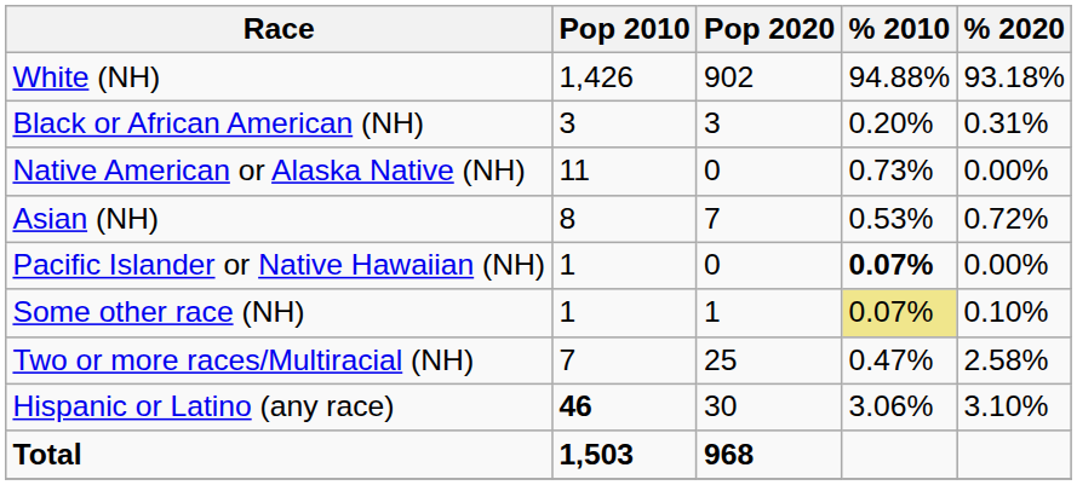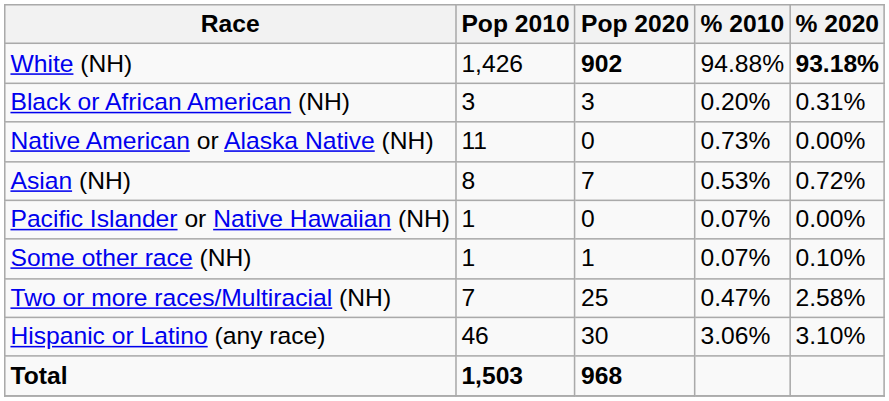 <table class="wikitable">
 <tr>
 <th>Race</th>
 <th>Pop 2010</th>
 <th>Pop 2020</th>
 <th>% 2010</th>
 <th>% 2020</th>
 </tr>
 <tr>
 <td><a href='#'>White</a> (NH)</td>
 <td>1,426</td>
-<td>902</td>
+<td><strong>902</strong></td>
 <td>94.88%</td>
-<td>93.18%</td>
+<td><strong>93.18%</strong></td>
 </tr>
 <tr>
 <td><a href='#'>Black or African American</a> (NH)</td>
 <td>3</td>
 <td>3</td>
 <td>0.20%</td>
 <td>0.31%</td>
 </tr>
 <tr>
 <td><a href='#'>Native American</a> or <a href='#'>Alaska Native</a> (NH)</td>
 <td>11</td>
 <td>0</td>
 <td>0.73%</td>
 <td>0.00%</td>
 </tr>
 <tr>
 <td><a href='#'>Asian</a> (NH)</td>
 <td>8</td>
 <td>7</td>
 <td>0.53%</td>
 <td>0.72%</td>
 </tr>
 <tr>
 <td><a href='#'>Pacific Islander</a> or <a href='#'>Native Hawaiian</a> (NH)</td>
 <td>1</td>
 <td>0</td>
-<td><strong>0.07%</strong></td>
+<td>0.07%</td>
 <td>0.00%</td>
 </tr>
 <tr>
 <td><a href='#'>Some other race</a> (NH)</td>
 <td>1</td>
 <td>1</td>
-<td style="background: khaki;">0.07%</td>
+<td>0.07%</td>
 <td>0.10%</td>
 </tr>
 <tr>
 <td><a href='#'>Two or more races/Multiracial</a> (NH)</td>
 <td>7</td>
 <td>25</td>
 <td>0.47%</td>
 <td>2.58%</td>
 </tr>
 <tr>
 <td><a href='#'>Hispanic or Latino</a> (any race)</td>
-<td><strong>46</strong></td>
+<td>46</td>
 <td>30</td>
 <td>3.06%</td>
 <td>3.10%</td>
 </tr>
 <tr>
 <td><strong>Total</strong></td>
 <td><strong>1,503</strong></td>
 <td><strong>968</strong></td>
 <td></td>
 <td></td>
 </tr>
 <tr>
 </tr>
 </table>
